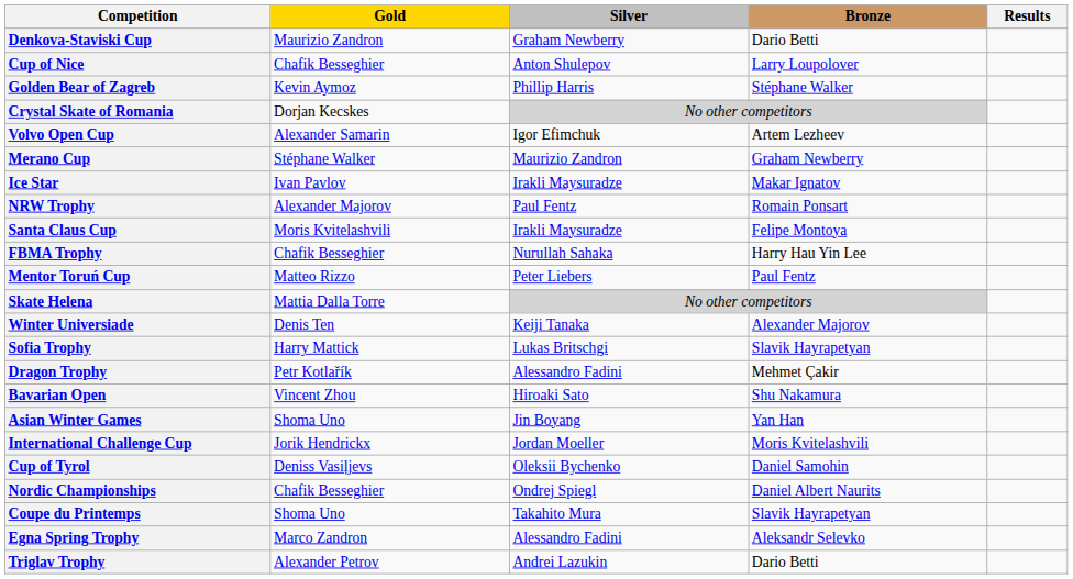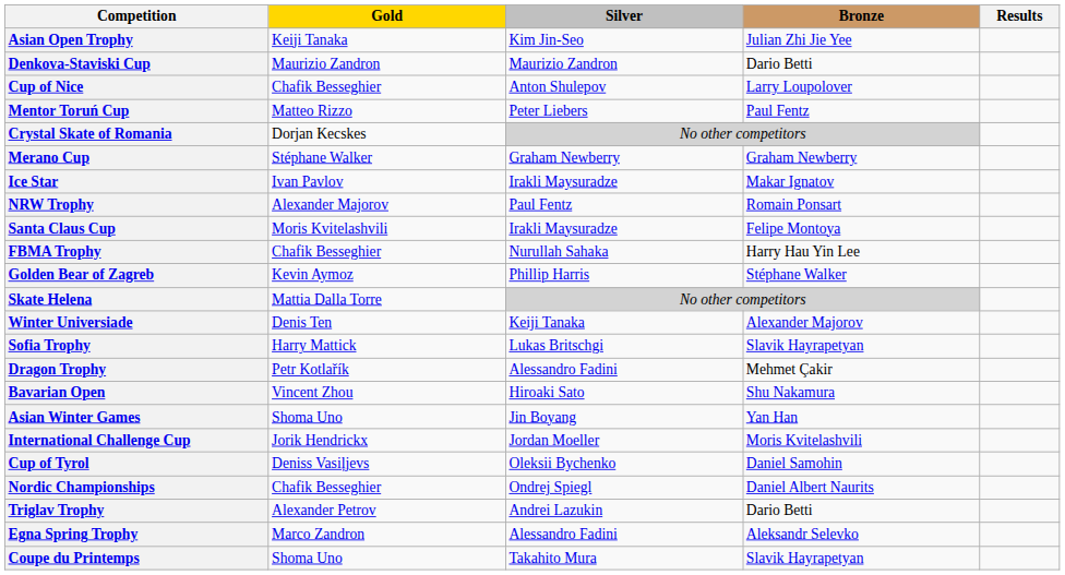 <table class="wikitable unsortable" style="text-align:left; width:90%;">
 <tr>
 <th scope="col" style="text-align:center; width:25%;">Competition</th>
 <td scope="col" style="text-align:center; width:22.5%; background:gold"><strong>Gold</strong></td>
 <td scope="col" style="text-align:center; width:22.5%; background:silver"><strong>Silver</strong></td>
 <td scope="col" style="text-align:center; width:22.5%; background:#c96"><strong>Bronze</strong></td>
 <th scope="col" style="text-align:center; width:7.5%;">Results</th>
 </tr>
 <tr>
+<th scope="row" style="text-align:left">  <a href='#'>Asian Open Trophy</a></th>
+<td> <a href='#'>Keiji Tanaka</a></td>
+<td> <a href='#'>Kim Jin-Seo</a></td>
+<td> <a href='#'>Julian Zhi Jie Yee</a></td>
+<td></td>
+</tr>
+<tr>
 <th scope="row" style="text-align:left"> <a href='#'>Denkova-Staviski Cup</a></th>
 <td> <a href='#'>Maurizio Zandron</a></td>
-<td> <a href='#'>Graham Newberry</a></td>
+<td> <a href='#'>Maurizio Zandron</a></td>
 <td> Dario Betti</td>
 <td></td>
 </tr>
 <tr>
 <th scope="row" style="text-align:left"> <a href='#'>Cup of Nice</a></th>
 <td> <a href='#'>Chafik Besseghier</a></td>
 <td> <a href='#'>Anton Shulepov</a></td>
 <td> <a href='#'>Larry Loupolover</a></td>
 <td></td>
 </tr>
 <tr>
-<th scope="row" style="text-align:left"> <a href='#'>Golden Bear of Zagreb</a></th>
-<td> <a href='#'>Kevin Aymoz</a></td>
-<td> <a href='#'>Phillip Harris</a></td>
-<td> <a href='#'>Stéphane Walker</a></td>
+<th scope="row" style="text-align:left"> <a href='#'>Mentor Toruń Cup</a></th>
+<td> <a href='#'>Matteo Rizzo</a></td>
+<td> <a href='#'>Peter Liebers</a></td>
+<td> <a href='#'>Paul Fentz</a></td>
 <td></td>
 </tr>
 <tr>
 <th scope="row" style="text-align:left"> <a href='#'>Crystal Skate of Romania</a></th>
 <td> Dorjan Kecskes</td>
 <td colspan="2" align=center bgcolor="lightgray"><em>No other competitors</em></td>
 <td></td>
 </tr>
 <tr>
-<th scope="row" style="text-align:left"> <a href='#'>Volvo Open Cup</a></th>
-<td> <a href='#'>Alexander Samarin</a></td>
-<td> Igor Efimchuk</td>
-<td> Artem Lezheev</td>
-<td></td>
-</tr>
-<tr>
 <th scope="row" style="text-align:left"> <a href='#'>Merano Cup</a></th>
 <td> <a href='#'>Stéphane Walker</a></td>
-<td> <a href='#'>Maurizio Zandron</a></td>
+<td> <a href='#'>Graham Newberry</a></td>
 <td> <a href='#'>Graham Newberry</a></td>
 <td></td>
 </tr>
 <tr>
 <th scope="row" style="text-align:left"> <a href='#'>Ice Star</a></th>
 <td> <a href='#'>Ivan Pavlov</a></td>
 <td> <a href='#'>Irakli Maysuradze</a></td>
 <td> <a href='#'>Makar Ignatov</a></td>
 <td></td>
 </tr>
 <tr>
 <th scope="row" style="text-align:left"> <a href='#'>NRW Trophy</a></th>
 <td> <a href='#'>Alexander Majorov</a></td>
 <td> <a href='#'>Paul Fentz</a></td>
 <td> <a href='#'>Romain Ponsart</a></td>
 <td></td>
 </tr>
 <tr>
 <th scope="row" style="text-align:left"> <a href='#'>Santa Claus Cup</a></th>
 <td> <a href='#'>Moris Kvitelashvili</a></td>
 <td> <a href='#'>Irakli Maysuradze</a></td>
 <td> <a href='#'>Felipe Montoya</a></td>
 <td></td>
 </tr>
 <tr>
 <th scope="row" style="text-align:left"> <a href='#'>FBMA Trophy</a></th>
 <td> <a href='#'>Chafik Besseghier</a></td>
 <td> <a href='#'>Nurullah Sahaka</a></td>
 <td> Harry Hau Yin Lee</td>
 <td></td>
 </tr>
 <tr>
-<th scope="row" style="text-align:left"> <a href='#'>Mentor Toruń Cup</a></th>
-<td> <a href='#'>Matteo Rizzo</a></td>
-<td> <a href='#'>Peter Liebers</a></td>
-<td> <a href='#'>Paul Fentz</a></td>
+<th scope="row" style="text-align:left"> <a href='#'>Golden Bear of Zagreb</a></th>
+<td> <a href='#'>Kevin Aymoz</a></td>
+<td> <a href='#'>Phillip Harris</a></td>
+<td> <a href='#'>Stéphane Walker</a></td>
 <td></td>
 </tr>
 <tr>
 <th scope="row" style="text-align:left"> <a href='#'>Skate Helena</a></th>
 <td> <a href='#'>Mattia Dalla Torre</a></td>
 <td colspan="2" align=center bgcolor="lightgray"><em>No other competitors</em></td>
 <td></td>
 </tr>
 <tr>
 <th scope="row" style="text-align:left"> <a href='#'>Winter Universiade</a></th>
 <td> <a href='#'>Denis Ten</a></td>
 <td> <a href='#'>Keiji Tanaka</a></td>
 <td> <a href='#'>Alexander Majorov</a></td>
 <td></td>
 </tr>
 <tr>
 <th scope="row" style="text-align:left"> <a href='#'>Sofia Trophy</a></th>
 <td> <a href='#'>Harry Mattick</a></td>
 <td> <a href='#'>Lukas Britschgi</a></td>
 <td> <a href='#'>Slavik Hayrapetyan</a></td>
 <td></td>
 </tr>
 <tr>
 <th scope="row" style="text-align:left"> <a href='#'>Dragon Trophy</a></th>
 <td> <a href='#'>Petr Kotlařík</a></td>
 <td> <a href='#'>Alessandro Fadini</a></td>
 <td> Mehmet Çakir</td>
 <td></td>
 </tr>
 <tr>
 <th scope="row" style="text-align:left"> <a href='#'>Bavarian Open</a></th>
 <td> <a href='#'>Vincent Zhou</a></td>
 <td> <a href='#'>Hiroaki Sato</a></td>
 <td> <a href='#'>Shu Nakamura</a></td>
 <td></td>
 </tr>
 <tr>
 <th scope="row" style="text-align:left"> <a href='#'>Asian Winter Games</a></th>
 <td> <a href='#'>Shoma Uno</a></td>
 <td> <a href='#'>Jin Boyang</a></td>
 <td> <a href='#'>Yan Han</a></td>
 <td></td>
 </tr>
 <tr>
 <th scope="row" style="text-align:left"> <a href='#'>International Challenge Cup</a></th>
 <td> <a href='#'>Jorik Hendrickx</a></td>
 <td> <a href='#'>Jordan Moeller</a></td>
 <td> <a href='#'>Moris Kvitelashvili</a></td>
 <td></td>
 </tr>
 <tr>
 <th scope="row" style="text-align:left"> <a href='#'>Cup of Tyrol</a></th>
 <td> <a href='#'>Deniss Vasiļjevs</a></td>
 <td> <a href='#'>Oleksii Bychenko</a></td>
 <td> <a href='#'>Daniel Samohin</a></td>
 <td></td>
 </tr>
 <tr>
 <th scope="row" style="text-align:left"> <a href='#'>Nordic Championships</a></th>
 <td> <a href='#'>Chafik Besseghier</a></td>
 <td> <a href='#'>Ondrej Spiegl</a></td>
 <td> <a href='#'>Daniel Albert Naurits</a></td>
 <td></td>
 </tr>
 <tr>
-<th scope="row" style="text-align:left"> <a href='#'>Coupe du Printemps</a></th>
-<td> <a href='#'>Shoma Uno</a></td>
-<td> <a href='#'>Takahito Mura</a></td>
-<td> <a href='#'>Slavik Hayrapetyan</a></td>
+<th scope="row" style="text-align:left"> <a href='#'>Triglav Trophy</a></th>
+<td> <a href='#'>Alexander Petrov</a></td>
+<td> <a href='#'>Andrei Lazukin</a></td>
+<td> Dario Betti</td>
 <td></td>
 </tr>
 <tr>
 <th scope="row" style="text-align:left"> <a href='#'>Egna Spring Trophy</a></th>
 <td> <a href='#'>Marco Zandron</a></td>
 <td> <a href='#'>Alessandro Fadini</a></td>
 <td> <a href='#'>Aleksandr Selevko</a></td>
 <td></td>
 </tr>
 <tr>
-<th scope="row" style="text-align:left"> <a href='#'>Triglav Trophy</a></th>
-<td> <a href='#'>Alexander Petrov</a></td>
-<td> <a href='#'>Andrei Lazukin</a></td>
-<td> Dario Betti</td>
+<th scope="row" style="text-align:left"> <a href='#'>Coupe du Printemps</a></th>
+<td> <a href='#'>Shoma Uno</a></td>
+<td> <a href='#'>Takahito Mura</a></td>
+<td> <a href='#'>Slavik Hayrapetyan</a></td>
 <td></td>
 </tr>
 </table>
